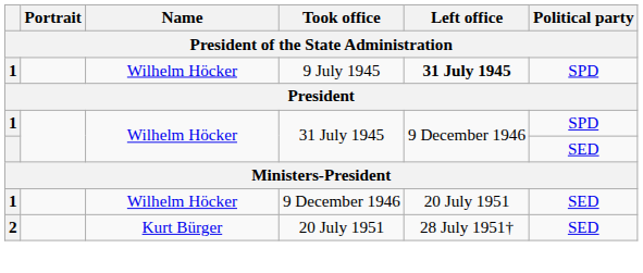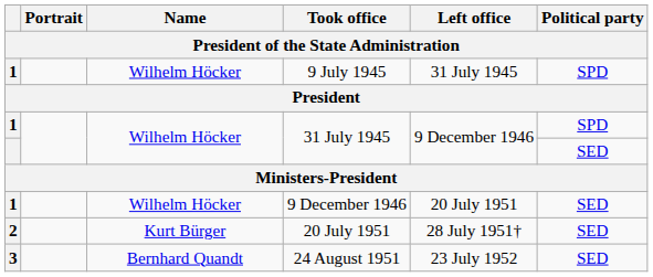 <table class="wikitable" style="text-align:center">
 <tr>
 <th></th>
 <th>Portrait</th>
 <th width=180>Name<br></th>
 <th>Took office</th>
 <th>Left office</th>
 <th>Political party</th>
 </tr>
 <tr>
 <th colspan=6>President of the State Administration</th>
 </tr>
 <tr>
 <th style="background:">1</th>
 <td></td>
 <td><a href='#'>Wilhelm Höcker</a><br></td>
 <td>9 July 1945</td>
-<td><strong>31 July 1945</strong></td>
+<td>31 July 1945</td>
 <td><a href='#'>SPD</a></td>
 </tr>
 <tr>
 <th colspan=6>President</th>
 </tr>
 <tr>
 <th style="background:">1</th>
 <td rowspan=2></td>
 <td rowspan=2><a href='#'>Wilhelm Höcker</a><br></td>
 <td rowspan=2>31 July 1945</td>
 <td rowspan=2>9 December 1946</td>
 <td><a href='#'>SPD</a><br></td>
 </tr>
 <tr>
 <th style="background:"></th>
 <td><a href='#'>SED</a><br></td>
 </tr>
 <tr>
 <th colspan=6>Ministers-President</th>
 </tr>
 <tr>
 <th style="background:">1</th>
 <td></td>
 <td><a href='#'>Wilhelm Höcker</a><br></td>
 <td>9 December 1946</td>
 <td>20 July 1951</td>
 <td><a href='#'>SED</a></td>
 </tr>
 <tr>
 <th style="background:">2</th>
 <td></td>
 <td><a href='#'>Kurt Bürger</a><br></td>
 <td>20 July 1951</td>
 <td>28 July 1951†</td>
 <td><a href='#'>SED</a></td>
 </tr>
+<tr>
+<th style="background:">3</th>
+<td></td>
+<td><a href='#'>Bernhard Quandt</a><br></td>
+<td>24 August 1951</td>
+<td>23 July 1952</td>
+<td><a href='#'>SED</a></td>
+</tr>
 </table>
